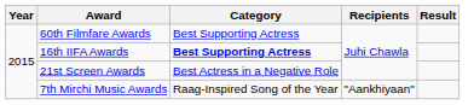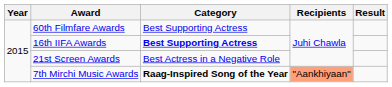 <table class="wikitable" style="font-size:90%;">
 <tr>
 <th>Year</th>
 <th>Award</th>
 <th>Category</th>
 <th>Recipients</th>
 <th>Result</th>
 </tr>
 <tr>
 <td rowspan="4">2015</td>
 <td><a href='#'>60th Filmfare Awards</a></td>
 <td><a href='#'>Best Supporting Actress</a></td>
 <td rowspan="3"><a href='#'>Juhi Chawla</a></td>
 <td></td>
 </tr>
 <tr>
 <td><a href='#'>16th IIFA Awards</a></td>
 <td><strong><a href='#'>Best Supporting Actress</a></strong></td>
 <td></td>
 </tr>
 <tr>
 <td><a href='#'>21st Screen Awards</a></td>
 <td><a href='#'>Best Actress in a Negative Role</a></td>
 <td></td>
 </tr>
 <tr>
 <td><a href='#'>7th Mirchi Music Awards</a></td>
-<td>Raag-Inspired Song of the Year</td>
-<td>"Aankhiyaan"</td>
+<td><strong>Raag-Inspired Song of the Year</strong></td>
+<td style="background: lightsalmon;">"Aankhiyaan"</td>
 <td></td>
 </tr>
 </table>
